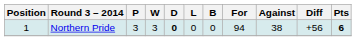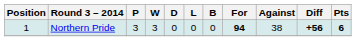 <table class="wikitable" style="text-align:center; font-size:85%;">
 <tr>
 <th width=40 abbr="Position">Position</th>
 <th width=100>Round 3 – 2014</th>
 <th width=20 abbr="Played">P</th>
 <th width=20 abbr="Won">W</th>
 <th width=20 abbr="Drawn">D</th>
 <th width=20 abbr="Lost">L</th>
 <th width=20 abbr="Bye">B</th>
 <th width=40 abbr="Points for">For</th>
 <th width=40 abbr="Points against">Against</th>
 <th width=40 abbr="Points difference">Diff</th>
 <th width=20 abbr="Points">Pts</th>
 </tr>
 <tr style="background: #d7ebed;">
 <td>1</td>
 <td style="text-align:left;"> <a href='#'>Northern Pride</a></td>
 <td>3</td>
 <td>3</td>
-<td><strong>0</strong></td>
 <td>0</td>
 <td>0</td>
-<td>94</td>
+<td>0</td>
+<td><strong>94</strong></td>
 <td>38</td>
-<td>+56</td>
+<td><strong>+56</strong></td>
 <td><strong>6</strong></td>
 </tr>
 <tr>
 </tr>
 </table>
